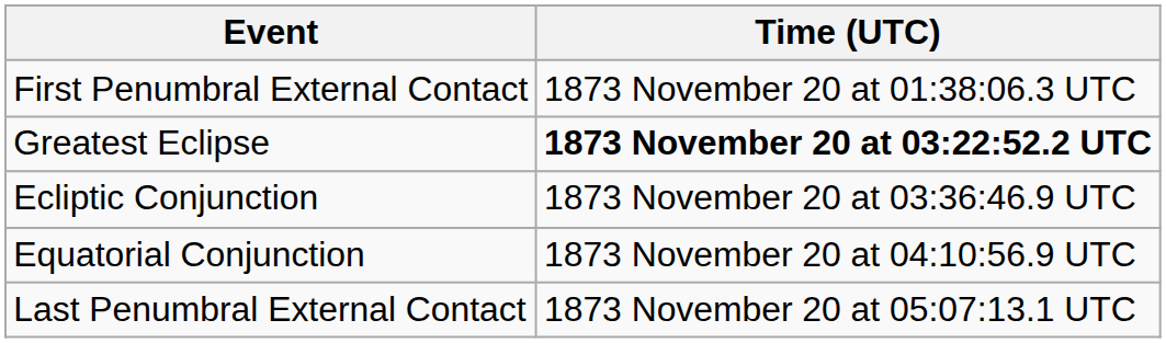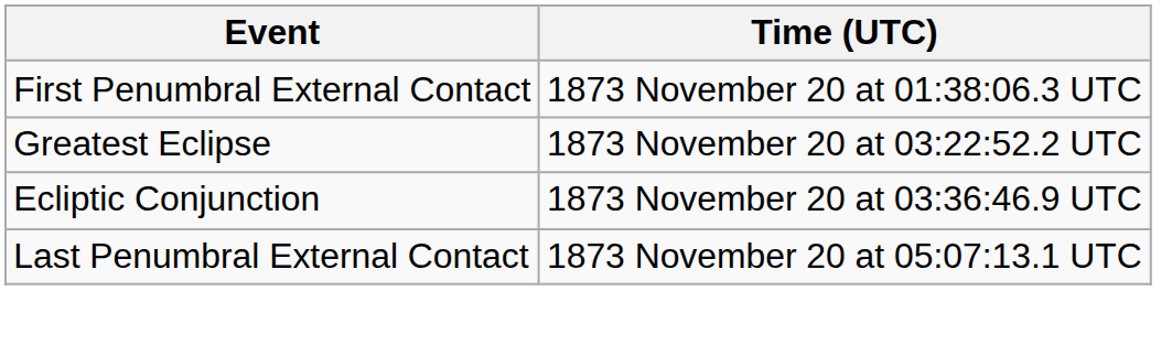 <table class="wikitable">
 <tr>
 <th>Event</th>
 <th>Time (UTC)</th>
 </tr>
 <tr>
 <td>First Penumbral External Contact</td>
 <td>1873 November 20 at 01:38:06.3 UTC</td>
 </tr>
 <tr>
 <td>Greatest Eclipse</td>
-<td><strong>1873 November 20 at 03:22:52.2 UTC</strong></td>
+<td>1873 November 20 at 03:22:52.2 UTC</td>
 </tr>
 <tr>
 <td>Ecliptic Conjunction</td>
 <td>1873 November 20 at 03:36:46.9 UTC</td>
 </tr>
 <tr>
-<td>Equatorial Conjunction</td>
-<td>1873 November 20 at 04:10:56.9 UTC</td>
-</tr>
-<tr>
 <td>Last Penumbral External Contact</td>
 <td>1873 November 20 at 05:07:13.1 UTC</td>
 </tr>
 </table>
